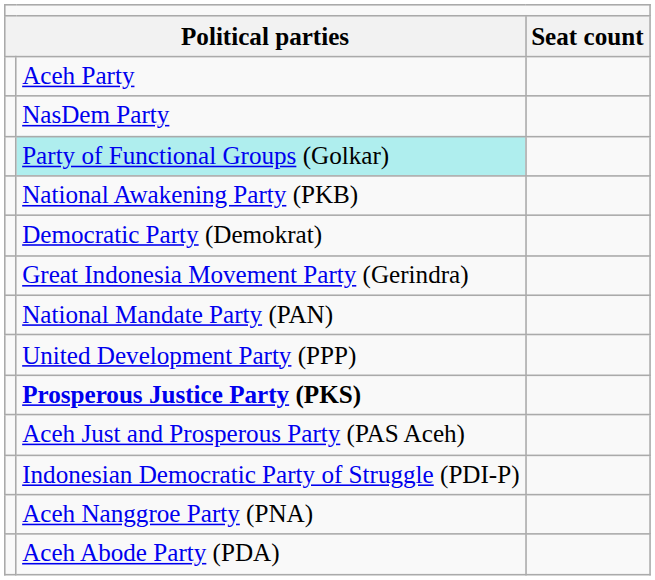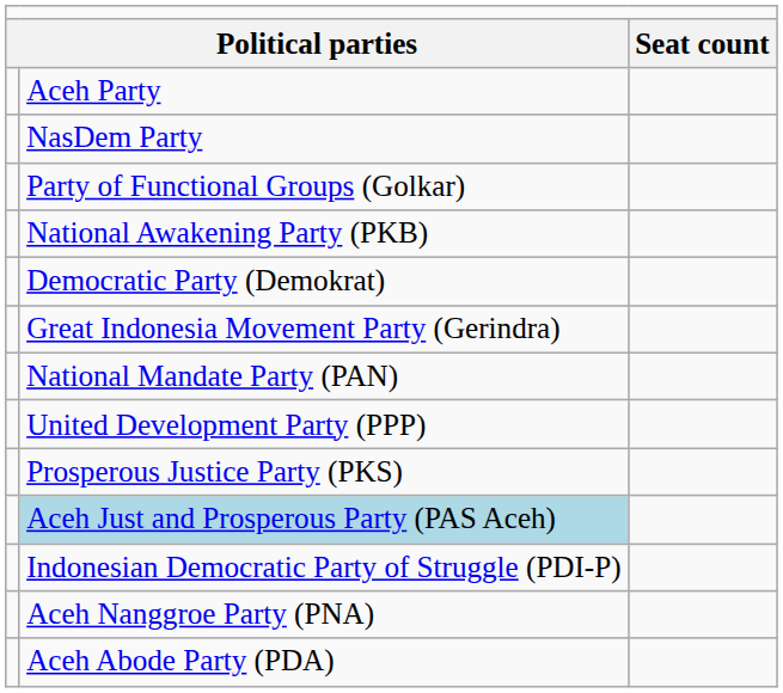 <table class="wikitable">
 <tr>
 <td colspan="4"></td>
 </tr>
 <tr>
 <th colspan="2">Political parties</th>
 <th>Seat count</th>
 </tr>
 <tr>
 <td bgcolor=></td>
 <td><a href='#'>Aceh Party</a></td>
 <td></td>
 </tr>
 <tr>
 <td bgcolor=></td>
 <td><a href='#'>NasDem Party</a></td>
 <td></td>
 </tr>
 <tr>
 <td bgcolor=></td>
-<td style="background: paleturquoise;"><a href='#'>Party of Functional Groups</a> (Golkar)</td>
+<td><a href='#'>Party of Functional Groups</a> (Golkar)</td>
 <td></td>
 </tr>
 <tr>
 <td bgcolor=></td>
 <td><a href='#'>National Awakening Party</a> (PKB)</td>
 <td></td>
 </tr>
 <tr>
 <td bgcolor=></td>
 <td><a href='#'>Democratic Party</a> (Demokrat)</td>
 <td></td>
 </tr>
 <tr>
 <td bgcolor=></td>
 <td><a href='#'>Great Indonesia Movement Party</a> (Gerindra)</td>
 <td></td>
 </tr>
 <tr>
 <td bgcolor=></td>
 <td><a href='#'>National Mandate Party</a> (PAN)</td>
 <td></td>
 </tr>
 <tr>
 <td bgcolor=></td>
 <td><a href='#'>United Development Party</a> (PPP)</td>
 <td></td>
 </tr>
 <tr>
 <td bgcolor=></td>
-<td><strong><a href='#'>Prosperous Justice Party</a> (PKS)</strong></td>
+<td><a href='#'>Prosperous Justice Party</a> (PKS)</td>
 <td></td>
 </tr>
 <tr>
 <td bgcolor=></td>
-<td><a href='#'>Aceh Just and Prosperous Party</a> (PAS Aceh)</td>
+<td style="background: lightblue;"><a href='#'>Aceh Just and Prosperous Party</a> (PAS Aceh)</td>
 <td></td>
 </tr>
 <tr>
 <td bgcolor=></td>
 <td><a href='#'>Indonesian Democratic Party of Struggle</a> (PDI-P)</td>
 <td></td>
 </tr>
 <tr>
 <td bgcolor=></td>
 <td><a href='#'>Aceh Nanggroe Party</a> (PNA)</td>
 <td></td>
 </tr>
 <tr>
 <td bgcolor=></td>
 <td><a href='#'>Aceh Abode Party</a> (PDA)</td>
 <td></td>
 </tr>
 </table>
